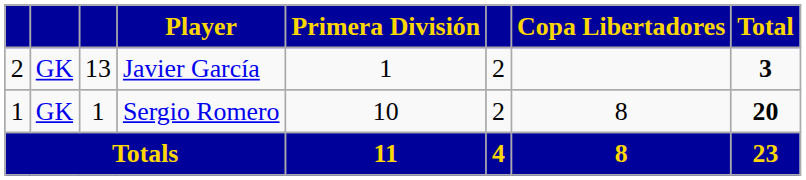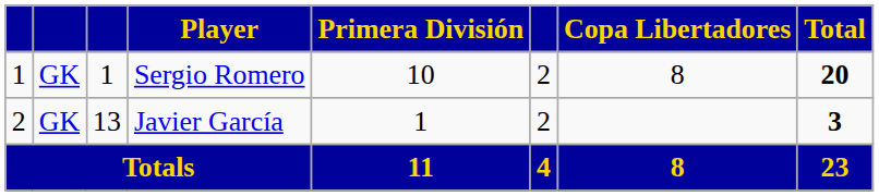 <table class="wikitable sortable" style="font-size: 95%; text-align: center;">
 <tr>
 <th style="background:#00009B; color:gold; width=15"></th>
 <th style="background:#00009B; color:gold; width=15"></th>
 <th style="background:#00009B; color:gold; width=15"></th>
 <th style="background:#00009B; color:gold; width=15 width=150">Player</th>
 <th style="background:#00009B; color:gold; width=15 width=75">Primera División</th>
 <th style="background:#00009B; color:gold; width=15 width=75"></th>
 <th style="background:#00009B; color:gold; width=15 width=75">Copa Libertadores</th>
 <th style="background:#00009B; color:gold; width=15 width=75">Total</th>
 </tr>
 <tr>
+<td>1</td>
+<td><a href='#'>GK</a></td>
+<td>1</td>
+<td align=left> <a href='#'>Sergio Romero</a></td>
+<td>10</td>
+<td>2</td>
+<td>8</td>
+<td><strong>20</strong></td>
+</tr>
+<tr>
 <td>2</td>
 <td><a href='#'>GK</a></td>
 <td>13</td>
 <td align=left> <a href='#'>Javier García</a></td>
 <td>1</td>
 <td>2</td>
 <td></td>
 <td><strong>3</strong></td>
 </tr>
-<tr>
-<td>1</td>
-<td><a href='#'>GK</a></td>
-<td>1</td>
-<td align=left> <a href='#'>Sergio Romero</a></td>
-<td>10</td>
-<td>2</td>
-<td>8</td>
-<td><strong>20</strong></td>
-</tr>
 <tr align=center>
 <th style="background:#00009B; color:gold"; colspan=4><strong>Totals</strong></th>
 <th style="background:#00009B; color:gold";><strong>11</strong></th>
 <th style="background:#00009B; color:gold";><strong>4</strong></th>
 <th style="background:#00009B; color:gold";><strong>8</strong></th>
 <th style="background:#00009B; color:gold";><strong>23</strong></th>
 </tr>
 </table>
